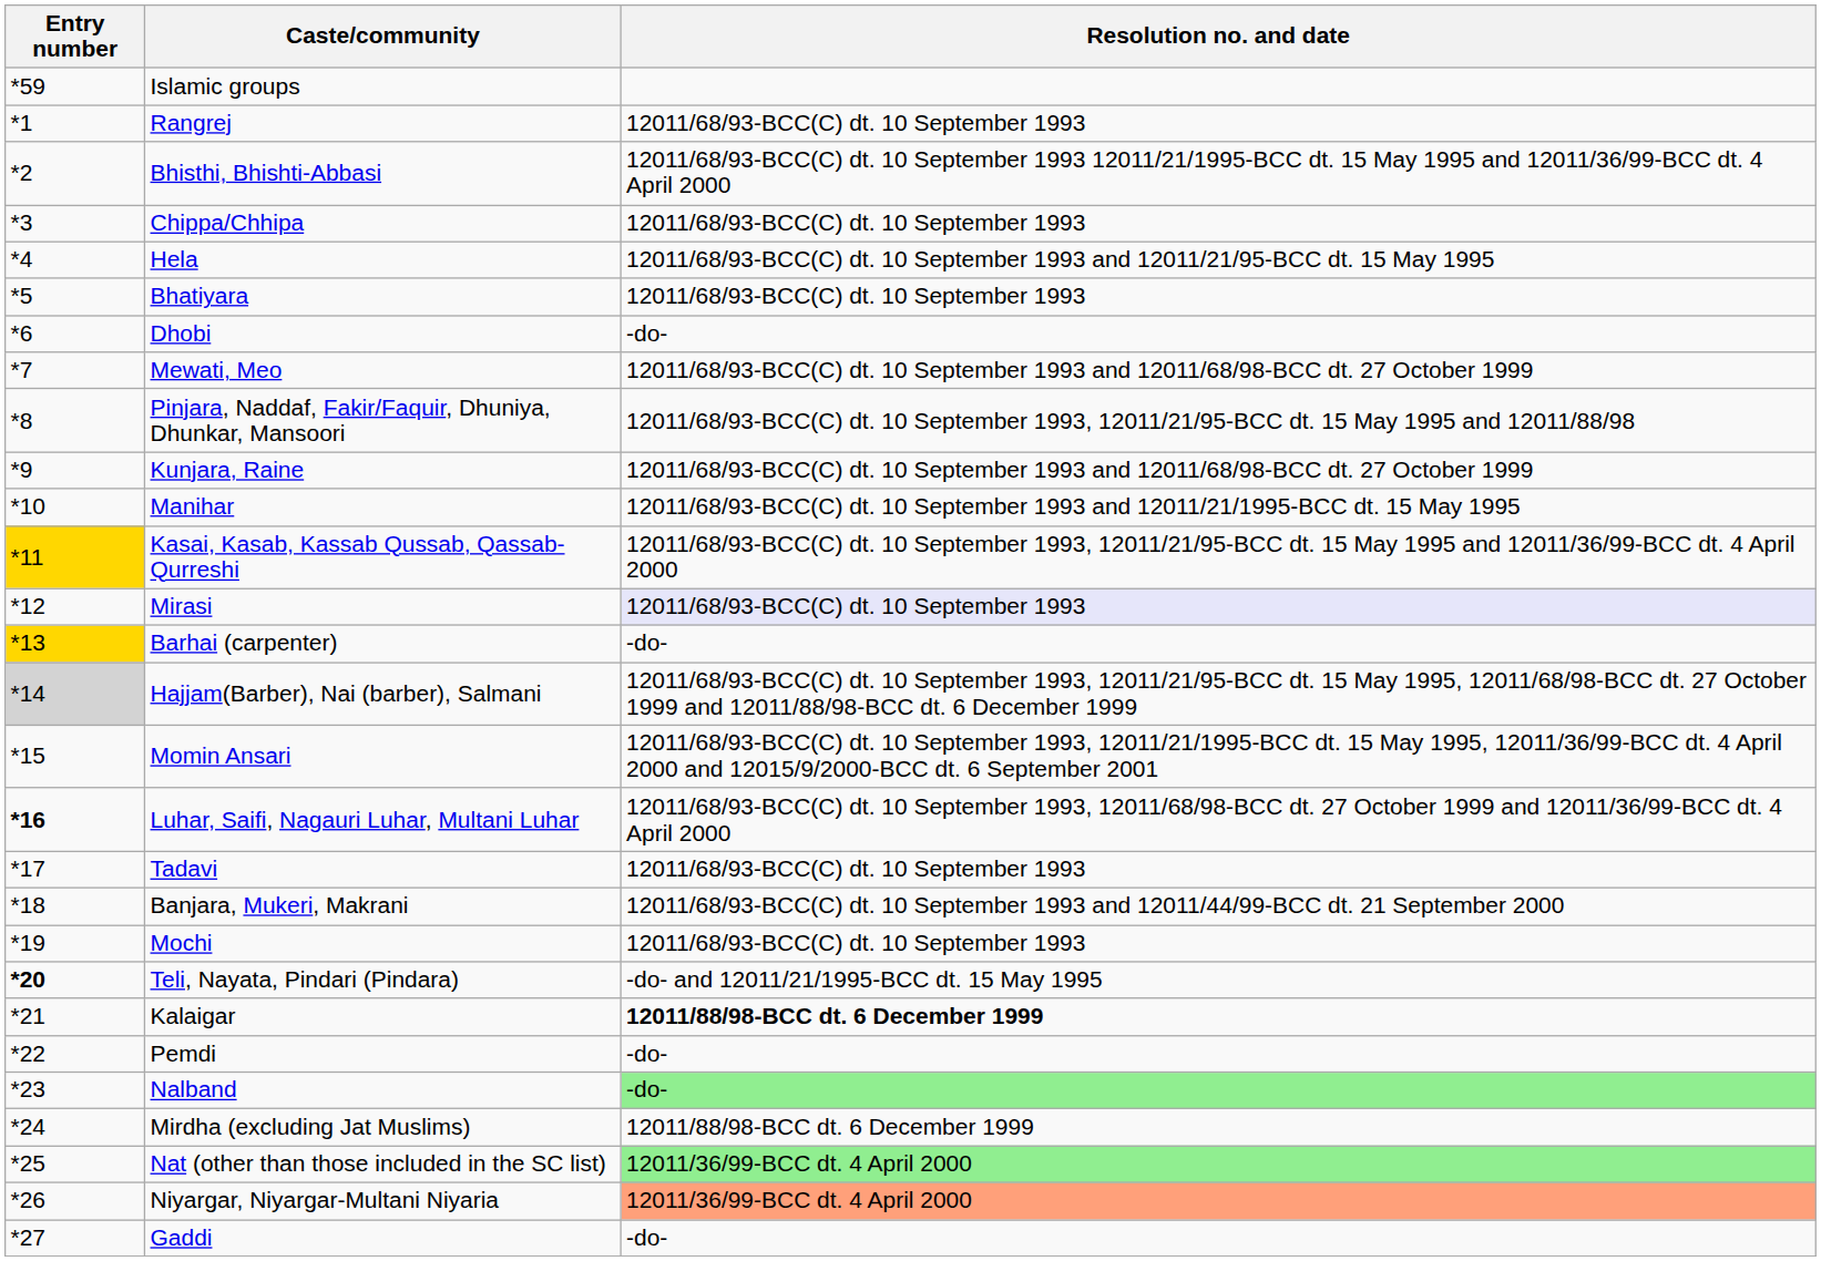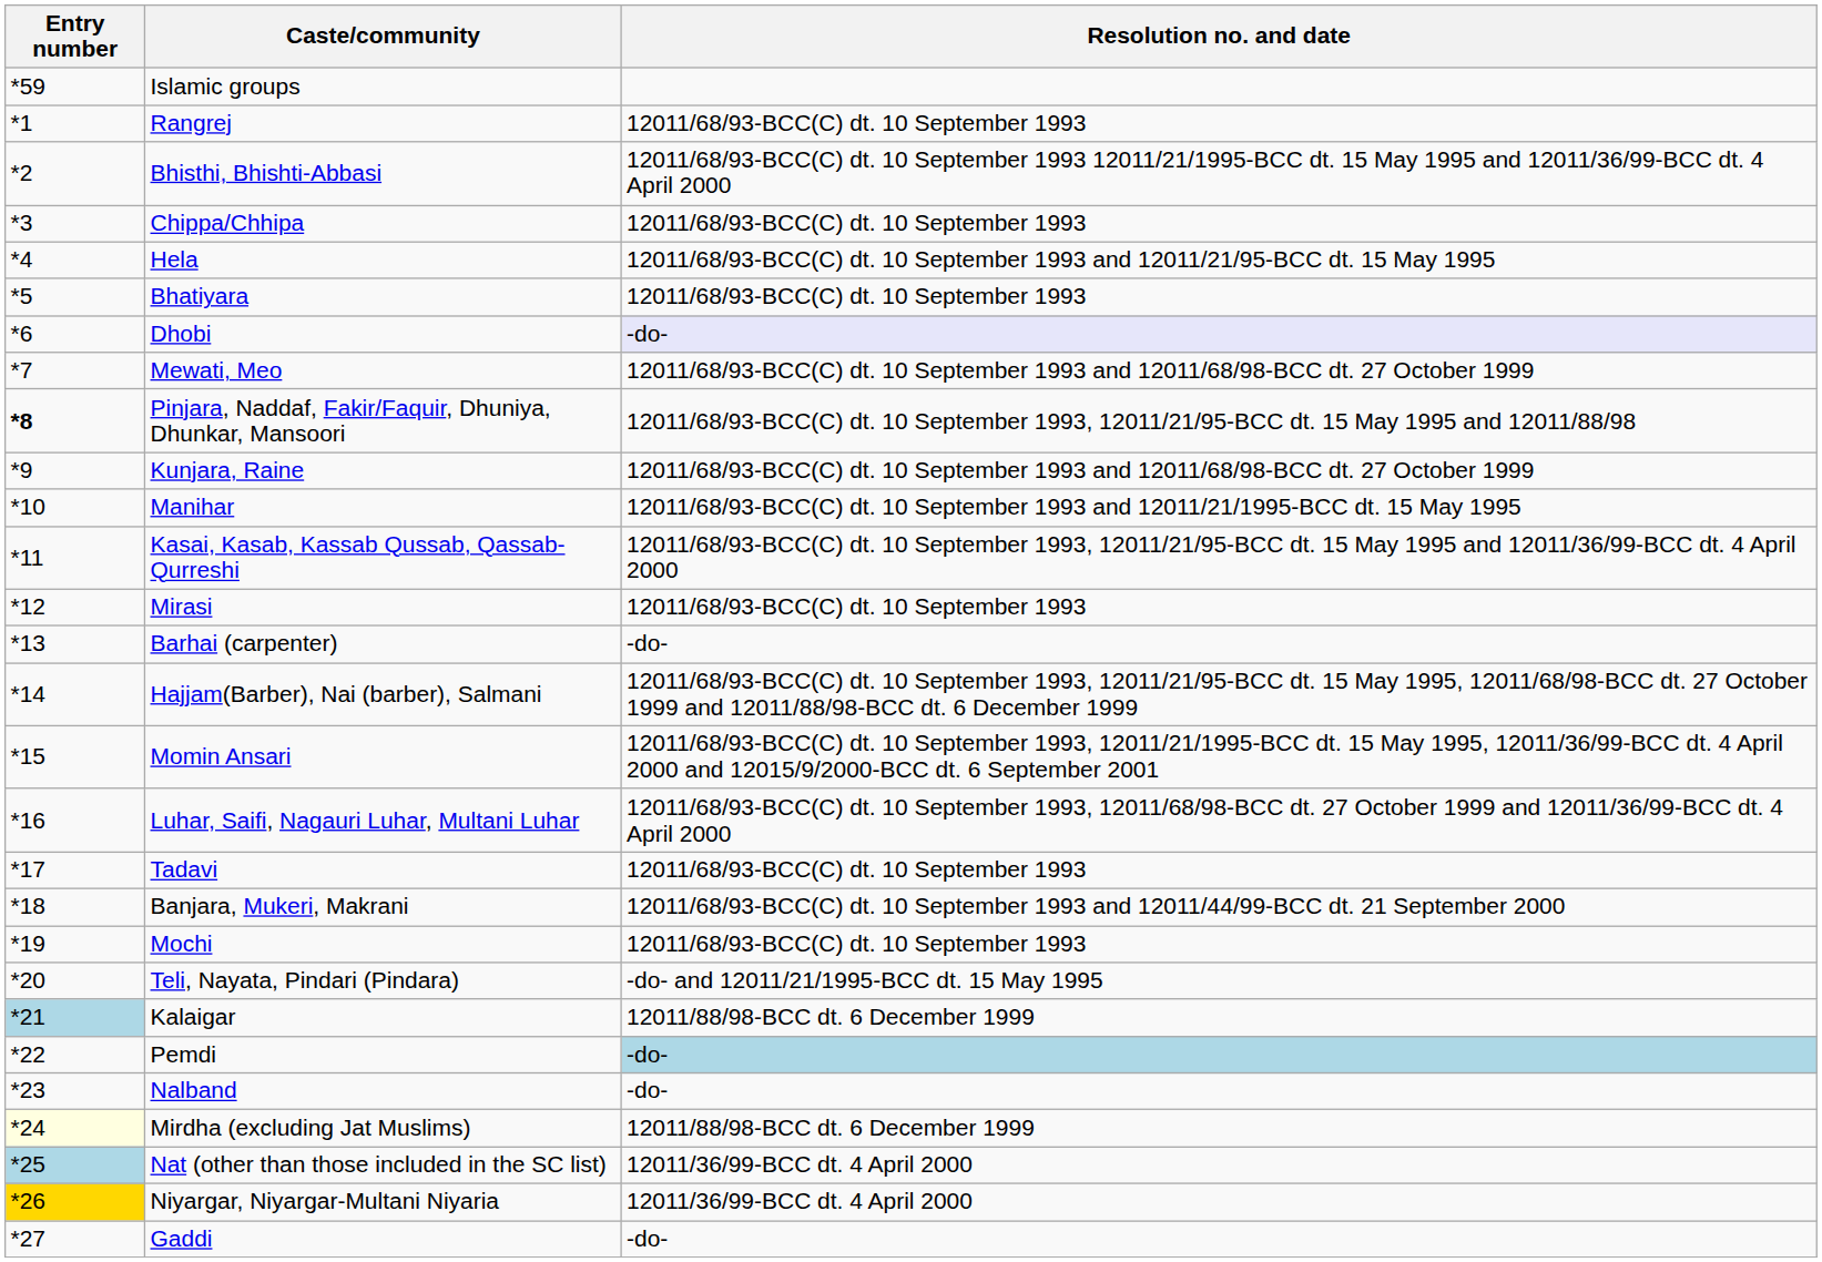 <table class="wikitable">
 <tr>
 <th>Entry number</th>
 <th>Caste/community</th>
 <th>Resolution no. and date</th>
 </tr>
 <tr>
 <td>*59</td>
 <td>Islamic groups</td>
 <td></td>
 </tr>
 <tr>
 <td>*1</td>
 <td><a href='#'>Rangrej</a></td>
 <td>12011/68/93-BCC(C) dt. 10 September 1993</td>
 </tr>
 <tr>
 <td>*2</td>
 <td><a href='#'>Bhisthi, Bhishti-Abbasi</a></td>
 <td>12011/68/93-BCC(C) dt. 10 September 1993 12011/21/1995-BCC dt. 15 May 1995 and 12011/36/99-BCC dt. 4 April 2000</td>
 </tr>
 <tr>
 <td>*3</td>
 <td><a href='#'>Chippa/Chhipa</a></td>
 <td>12011/68/93-BCC(C) dt. 10 September 1993</td>
 </tr>
 <tr>
 <td>*4</td>
 <td><a href='#'>Hela</a></td>
 <td>12011/68/93-BCC(C) dt. 10 September 1993 and 12011/21/95-BCC dt. 15 May 1995</td>
 </tr>
 <tr>
 <td>*5</td>
 <td><a href='#'>Bhatiyara</a></td>
 <td>12011/68/93-BCC(C) dt. 10 September 1993</td>
 </tr>
 <tr>
 <td>*6</td>
 <td><a href='#'>Dhobi</a></td>
-<td>-do-</td>
+<td style="background: lavender;">-do-</td>
 </tr>
 <tr>
 <td>*7</td>
 <td><a href='#'>Mewati, Meo</a></td>
 <td>12011/68/93-BCC(C) dt. 10 September 1993 and 12011/68/98-BCC dt. 27 October 1999</td>
 </tr>
 <tr>
-<td>*8</td>
+<td><strong>*8</strong></td>
 <td><a href='#'>Pinjara</a>, Naddaf, <a href='#'>Fakir/Faquir</a>, Dhuniya, Dhunkar, Mansoori</td>
 <td>12011/68/93-BCC(C) dt. 10 September 1993, 12011/21/95-BCC dt. 15 May 1995 and 12011/88/98</td>
 </tr>
 <tr>
 <td>*9</td>
 <td><a href='#'>Kunjara, Raine</a></td>
 <td>12011/68/93-BCC(C) dt. 10 September 1993 and 12011/68/98-BCC dt. 27 October 1999</td>
 </tr>
 <tr>
 <td>*10</td>
 <td><a href='#'>Manihar</a></td>
 <td>12011/68/93-BCC(C) dt. 10 September 1993 and 12011/21/1995-BCC dt. 15 May 1995</td>
 </tr>
 <tr>
-<td style="background: gold;">*11</td>
+<td>*11</td>
 <td><a href='#'>Kasai, Kasab, Kassab Qussab, Qassab-Qurreshi</a></td>
 <td>12011/68/93-BCC(C) dt. 10 September 1993, 12011/21/95-BCC dt. 15 May 1995 and 12011/36/99-BCC dt. 4 April 2000</td>
 </tr>
 <tr>
 <td>*12</td>
 <td><a href='#'>Mirasi</a></td>
-<td style="background: lavender;">12011/68/93-BCC(C) dt. 10 September 1993</td>
+<td>12011/68/93-BCC(C) dt. 10 September 1993</td>
 </tr>
 <tr>
-<td style="background: gold;">*13</td>
+<td>*13</td>
 <td><a href='#'>Barhai</a> (carpenter)</td>
 <td>-do-</td>
 </tr>
 <tr>
-<td style="background: lightgrey;">*14</td>
+<td>*14</td>
 <td><a href='#'>Hajjam</a>(Barber), Nai (barber), Salmani</td>
 <td>12011/68/93-BCC(C) dt. 10 September 1993, 12011/21/95-BCC dt. 15 May 1995, 12011/68/98-BCC dt. 27 October 1999 and 12011/88/98-BCC dt. 6 December 1999</td>
 </tr>
 <tr>
 <td>*15</td>
 <td><a href='#'>Momin Ansari</a></td>
 <td>12011/68/93-BCC(C) dt. 10 September 1993, 12011/21/1995-BCC dt. 15 May 1995, 12011/36/99-BCC dt. 4 April 2000 and 12015/9/2000-BCC dt. 6 September 2001</td>
 </tr>
 <tr>
-<td><strong>*16</strong></td>
+<td>*16</td>
 <td><a href='#'>Luhar, Saifi</a>, <a href='#'>Nagauri Luhar</a>, <a href='#'>Multani Luhar</a></td>
 <td>12011/68/93-BCC(C) dt. 10 September 1993, 12011/68/98-BCC dt. 27 October 1999 and 12011/36/99-BCC dt. 4 April 2000</td>
 </tr>
 <tr>
 <td>*17</td>
 <td><a href='#'>Tadavi</a></td>
 <td>12011/68/93-BCC(C) dt. 10 September 1993</td>
 </tr>
 <tr>
 <td>*18</td>
 <td>Banjara, <a href='#'>Mukeri</a>, Makrani</td>
 <td>12011/68/93-BCC(C) dt. 10 September 1993 and 12011/44/99-BCC dt. 21 September 2000</td>
 </tr>
 <tr>
 <td>*19</td>
 <td><a href='#'>Mochi</a></td>
 <td>12011/68/93-BCC(C) dt. 10 September 1993</td>
 </tr>
 <tr>
-<td><strong>*20</strong></td>
+<td>*20</td>
 <td><a href='#'>Teli</a>, Nayata, Pindari (Pindara)</td>
 <td>-do- and 12011/21/1995-BCC dt. 15 May 1995</td>
 </tr>
 <tr>
-<td>*21</td>
+<td style="background: lightblue;">*21</td>
 <td>Kalaigar</td>
-<td><strong>12011/88/98-BCC dt. 6 December 1999</strong></td>
+<td>12011/88/98-BCC dt. 6 December 1999</td>
 </tr>
 <tr>
 <td>*22</td>
 <td>Pemdi</td>
-<td>-do-</td>
+<td style="background: lightblue;">-do-</td>
 </tr>
 <tr>
 <td>*23</td>
 <td><a href='#'>Nalband</a></td>
-<td style="background: lightgreen;">-do-</td>
+<td>-do-</td>
 </tr>
 <tr>
-<td>*24</td>
+<td style="background: lightyellow;">*24</td>
 <td>Mirdha (excluding Jat Muslims)</td>
 <td>12011/88/98-BCC dt. 6 December 1999</td>
 </tr>
 <tr>
-<td>*25</td>
+<td style="background: lightblue;">*25</td>
 <td><a href='#'>Nat</a> (other than those included in the SC list)</td>
-<td style="background: lightgreen;">12011/36/99-BCC dt. 4 April 2000</td>
+<td>12011/36/99-BCC dt. 4 April 2000</td>
 </tr>
 <tr>
-<td>*26</td>
+<td style="background: gold;">*26</td>
 <td>Niyargar, Niyargar-Multani Niyaria</td>
-<td style="background: lightsalmon;">12011/36/99-BCC dt. 4 April 2000</td>
+<td>12011/36/99-BCC dt. 4 April 2000</td>
 </tr>
 <tr>
 <td>*27</td>
 <td><a href='#'>Gaddi</a></td>
 <td>-do-</td>
 </tr>
 <tr>
 </tr>
 </table>
